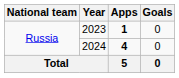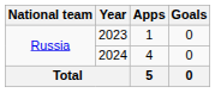 <table class=wikitable style=text-align:center>
 <tr>
 <th>National team</th>
 <th>Year</th>
 <th>Apps</th>
 <th>Goals</th>
 </tr>
 <tr>
 <td rowspan="2"><a href='#'>Russia</a></td>
 <td>2023</td>
-<td><strong>1</strong></td>
+<td>1</td>
 <td>0</td>
 </tr>
 <tr>
 <td>2024</td>
-<td><strong>4</strong></td>
+<td>4</td>
 <td>0</td>
 </tr>
 <tr>
 <th colspan="2">Total</th>
 <th>5</th>
 <th>0</th>
 </tr>
 </table>
